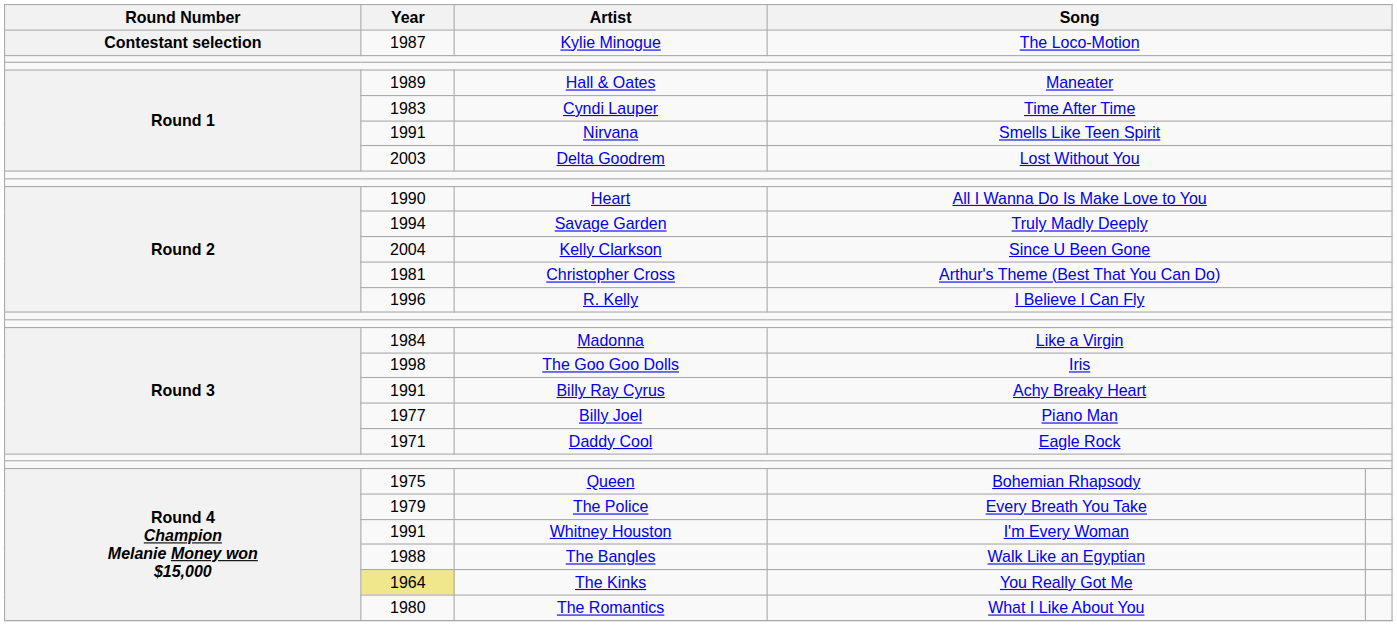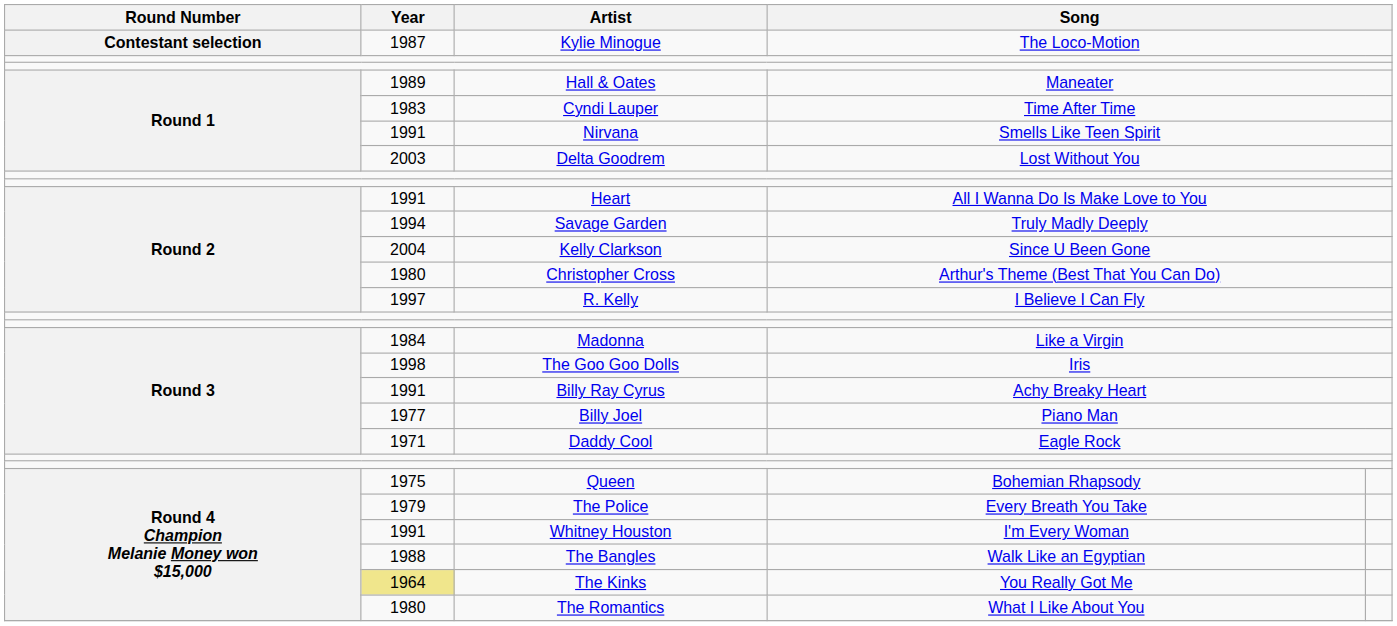 <table class="wikitable" style="text-align: center; font-size:90%" width="99%">
 <tr>
 <th>Round Number</th>
 <th>Year</th>
 <th>Artist</th>
 <th colspan="2">Song</th>
 </tr>
 <tr>
 <th rowspan="1">Contestant selection</th>
 <td>1987</td>
 <td><a href='#'>Kylie Minogue</a></td>
 <td colspan="2"><a href='#'>The Loco-Motion</a></td>
 </tr>
 <tr>
 <td colspan=11></td>
 </tr>
 <tr>
 <td colspan=11></td>
 </tr>
 <tr>
 <th rowspan="4">Round 1</th>
 <td>1989</td>
 <td><a href='#'>Hall & Oates</a></td>
 <td colspan="2"><a href='#'>Maneater</a></td>
 </tr>
 <tr>
 <td>1983</td>
 <td><a href='#'>Cyndi Lauper</a></td>
 <td colspan="2"><a href='#'>Time After Time</a></td>
 </tr>
 <tr>
 <td>1991</td>
 <td><a href='#'>Nirvana</a></td>
 <td colspan="2"><a href='#'>Smells Like Teen Spirit</a></td>
 </tr>
 <tr>
 <td>2003</td>
 <td><a href='#'>Delta Goodrem</a></td>
 <td colspan="2"><a href='#'>Lost Without You</a></td>
 </tr>
 <tr>
 <td colspan=11></td>
 </tr>
 <tr>
 <td colspan=11></td>
 </tr>
 <tr>
 <th rowspan="5">Round 2</th>
-<td>1990</td>
+<td>1991</td>
 <td><a href='#'>Heart</a></td>
 <td colspan="2"><a href='#'>All I Wanna Do Is Make Love to You</a></td>
 </tr>
 <tr>
 <td>1994</td>
 <td><a href='#'>Savage Garden</a></td>
 <td colspan="2"><a href='#'>Truly Madly Deeply</a></td>
 </tr>
 <tr>
 <td>2004</td>
 <td><a href='#'>Kelly Clarkson</a></td>
 <td colspan="2"><a href='#'>Since U Been Gone</a></td>
 </tr>
 <tr>
-<td>1981</td>
+<td>1980</td>
 <td><a href='#'>Christopher Cross</a></td>
 <td colspan="2"><a href='#'>Arthur's Theme (Best That You Can Do)</a></td>
 </tr>
 <tr>
-<td>1996</td>
+<td>1997</td>
 <td><a href='#'>R. Kelly</a></td>
 <td colspan="2"><a href='#'>I Believe I Can Fly</a></td>
 </tr>
 <tr>
 <td colspan=11></td>
 </tr>
 <tr>
 <td colspan=11></td>
 </tr>
 <tr>
 <th rowspan="5">Round 3</th>
 <td>1984</td>
 <td><a href='#'>Madonna</a></td>
 <td colspan="2"><a href='#'>Like a Virgin</a></td>
 </tr>
 <tr>
 <td>1998</td>
 <td><a href='#'>The Goo Goo Dolls</a></td>
 <td colspan="2"><a href='#'>Iris</a></td>
 </tr>
 <tr>
 <td>1991</td>
 <td><a href='#'>Billy Ray Cyrus</a></td>
 <td colspan="2"><a href='#'>Achy Breaky Heart</a></td>
 </tr>
 <tr>
 <td>1977</td>
 <td><a href='#'>Billy Joel</a></td>
 <td colspan="2"><a href='#'>Piano Man</a></td>
 </tr>
 <tr>
 <td>1971</td>
 <td><a href='#'>Daddy Cool</a></td>
 <td colspan="2"><a href='#'>Eagle Rock</a></td>
 </tr>
 <tr>
 <td colspan=11></td>
 </tr>
 <tr>
 <td colspan=11></td>
 </tr>
 <tr>
 <th rowspan="6">Round 4<br><em><u>Champion</u><br>Melanie</em> <em><u>Money won</u><br>$15,000</em></th>
 <td>1975</td>
 <td><a href='#'>Queen</a></td>
 <td><a href='#'>Bohemian Rhapsody</a></td>
 <td></td>
 </tr>
 <tr>
 <td>1979</td>
 <td><a href='#'>The Police</a></td>
 <td><a href='#'>Every Breath You Take</a></td>
 <td></td>
 </tr>
 <tr>
 <td>1991</td>
 <td><a href='#'>Whitney Houston</a></td>
 <td><a href='#'>I'm Every Woman</a></td>
 <td></td>
 </tr>
 <tr>
 <td>1988</td>
 <td><a href='#'>The Bangles</a></td>
 <td><a href='#'>Walk Like an Egyptian</a></td>
 <td></td>
 </tr>
 <tr>
 <td style="background: khaki;">1964</td>
 <td><a href='#'>The Kinks</a></td>
 <td><a href='#'>You Really Got Me</a></td>
 <td></td>
 </tr>
 <tr>
 <td>1980</td>
 <td><a href='#'>The Romantics</a></td>
 <td><a href='#'>What I Like About You</a></td>
 <td></td>
 </tr>
 <tr>
 </tr>
 </table>
